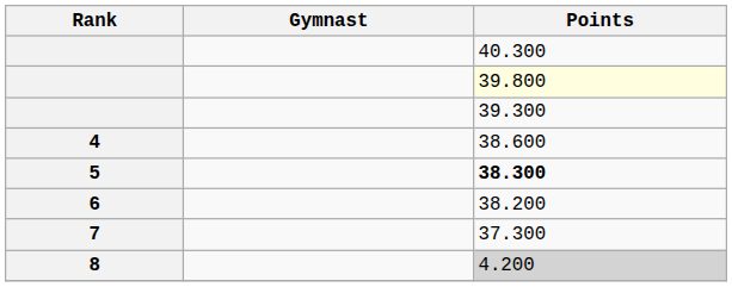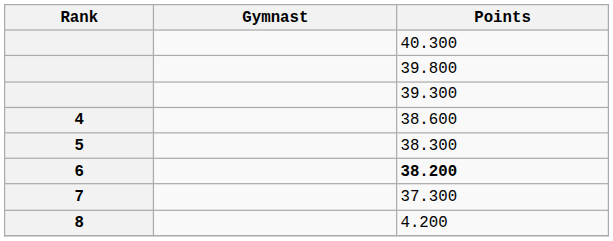 <table class="wikitable" width=500>
 <tr bgcolor="#efefef">
 <th>Rank</th>
 <th>Gymnast</th>
 <th>Points</th>
 </tr>
 <tr>
 <th></th>
 <td></td>
 <td>40.300</td>
 </tr>
 <tr>
 <th></th>
 <td></td>
-<td style="background: lightyellow;">39.800</td>
+<td>39.800</td>
 </tr>
 <tr>
 <th></th>
 <td></td>
 <td>39.300</td>
 </tr>
 <tr>
 <th>4</th>
 <td></td>
 <td>38.600</td>
 </tr>
 <tr>
 <th>5</th>
 <td></td>
-<td><strong>38.300</strong></td>
+<td>38.300</td>
 </tr>
 <tr>
 <th>6</th>
 <td></td>
-<td>38.200</td>
+<td><strong>38.200</strong></td>
 </tr>
 <tr>
 <th>7</th>
 <td></td>
 <td>37.300</td>
 </tr>
 <tr>
 <th>8</th>
 <td></td>
-<td style="background: lightgrey;">4.200</td>
+<td>4.200</td>
 </tr>
 <tr>
 </tr>
 </table>
